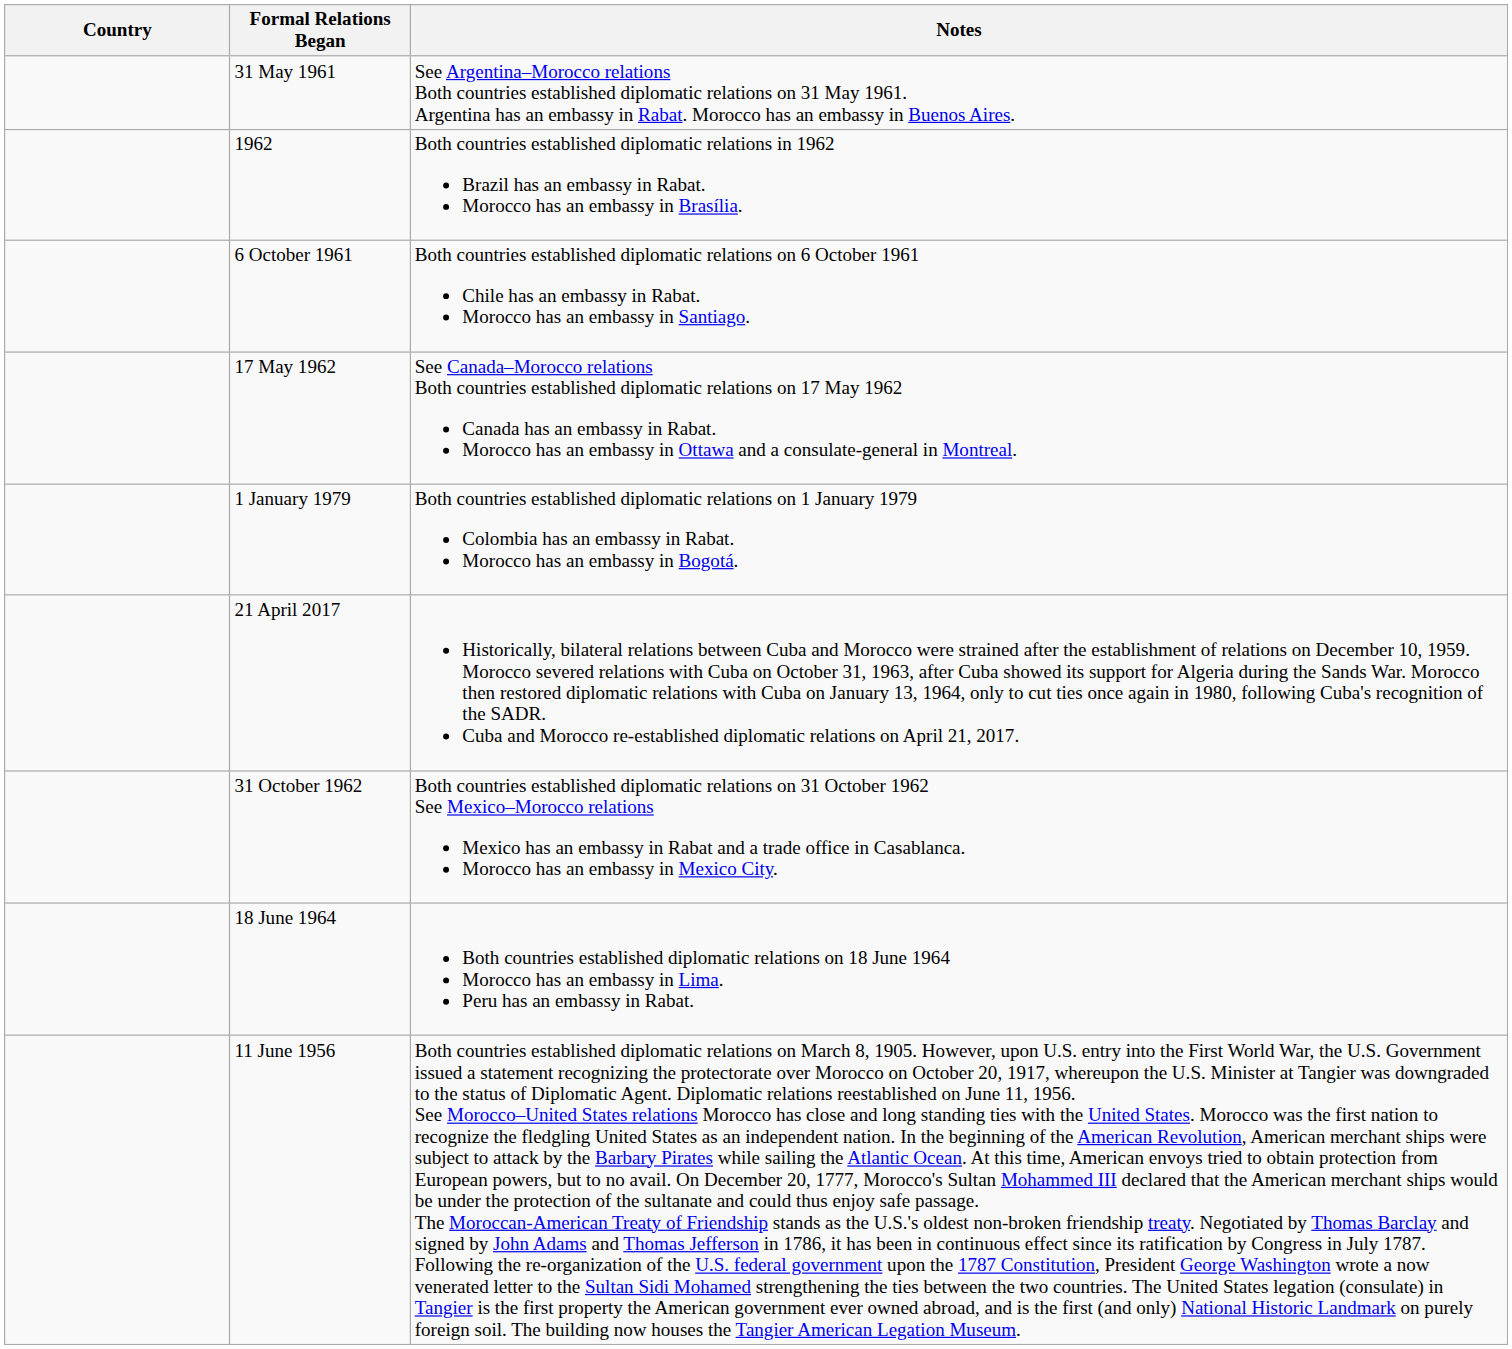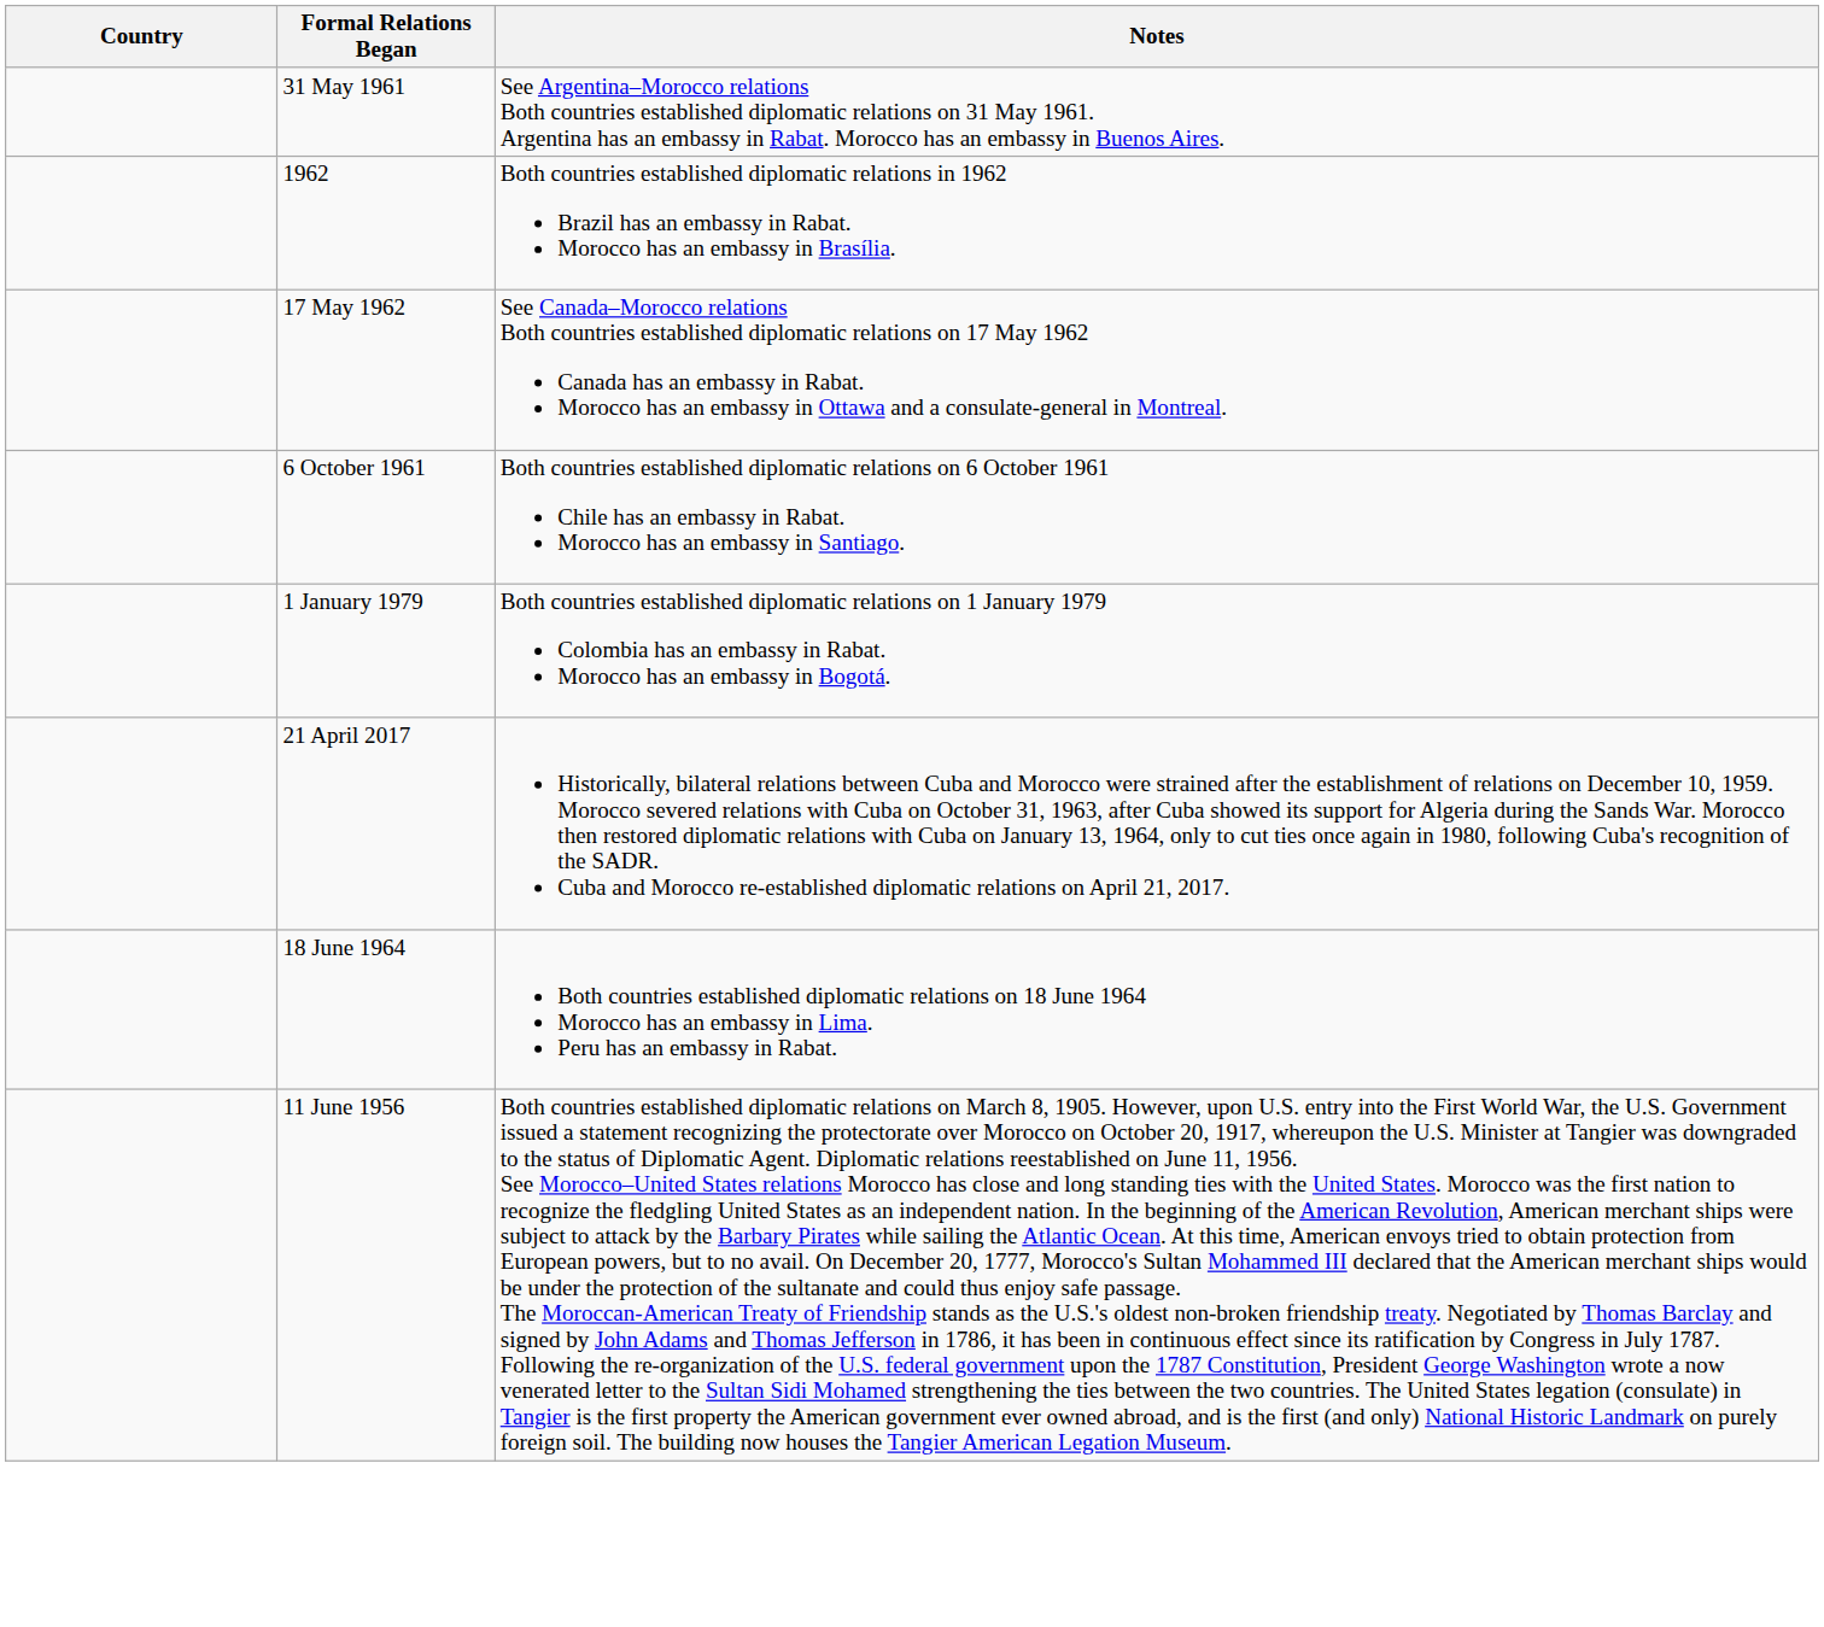 <table class="wikitable sortable" style="width:100%; margin:auto;">
 <tr>
 <th style="width:15%;">Country</th>
 <th style="width:12%;">Formal Relations Began</th>
 <th>Notes</th>
 </tr>
 <tr valign="top">
 <td></td>
 <td>31 May 1961</td>
 <td>See <a href='#'>Argentina–Morocco relations</a><br>Both countries established diplomatic relations on 31 May 1961.<br>Argentina has an embassy in <a href='#'>Rabat</a>. Morocco has an embassy in <a href='#'>Buenos Aires</a>.</td>
 </tr>
 <tr valign="top">
 <td></td>
 <td>1962</td>
 <td>Both countries established diplomatic relations in 1962<br><ul><li>Brazil has an embassy in Rabat.</li><li>Morocco has an embassy in <a href='#'>Brasília</a>.</li></ul></td>
 </tr>
 <tr valign="top">
 <td></td>
-<td>6 October 1961</td>
-<td>Both countries established diplomatic relations on 6 October 1961<br><ul><li>Chile has an embassy in Rabat.</li><li>Morocco has an embassy in <a href='#'>Santiago</a>.</li></ul></td>
+<td>17 May 1962</td>
+<td>See <a href='#'>Canada–Morocco relations</a><br>Both countries established diplomatic relations on 17 May 1962 <ul><li>Canada has an embassy in Rabat.</li><li>Morocco has an embassy in <a href='#'>Ottawa</a> and a consulate-general in <a href='#'>Montreal</a>.</li></ul></td>
 </tr>
 <tr valign="top">
 <td></td>
-<td>17 May 1962</td>
-<td>See <a href='#'>Canada–Morocco relations</a><br>Both countries established diplomatic relations on 17 May 1962 <ul><li>Canada has an embassy in Rabat.</li><li>Morocco has an embassy in <a href='#'>Ottawa</a> and a consulate-general in <a href='#'>Montreal</a>.</li></ul></td>
+<td>6 October 1961</td>
+<td>Both countries established diplomatic relations on 6 October 1961<br><ul><li>Chile has an embassy in Rabat.</li><li>Morocco has an embassy in <a href='#'>Santiago</a>.</li></ul></td>
 </tr>
 <tr valign="top">
 <td></td>
 <td>1 January 1979</td>
 <td>Both countries established diplomatic relations on 1 January 1979<br><ul><li>Colombia has an embassy in Rabat.</li><li>Morocco has an embassy in <a href='#'>Bogotá</a>.</li></ul></td>
 </tr>
 <tr valign="top">
 <td></td>
 <td>21 April 2017</td>
 <td><br><ul><li>Historically, bilateral relations between Cuba and Morocco were strained after the establishment of relations on December 10, 1959. Morocco severed relations with Cuba on October 31, 1963, after Cuba showed its support for Algeria during the Sands War. Morocco then restored diplomatic relations with Cuba on January 13, 1964, only to cut ties once again in 1980, following Cuba's recognition of the SADR.</li><li>Cuba and Morocco re-established diplomatic relations on April 21, 2017.</li></ul></td>
 </tr>
 <tr valign="top">
 <td></td>
-<td>31 October 1962</td>
-<td>Both countries established diplomatic relations on 31 October 1962<br>See <a href='#'>Mexico–Morocco relations</a><ul><li>Mexico has an embassy in Rabat and a trade office in Casablanca.</li><li>Morocco has an embassy in <a href='#'>Mexico City</a>.</li></ul></td>
-</tr>
-<tr valign="top">
-<td></td>
 <td>18 June 1964</td>
 <td><br><ul><li>Both countries established diplomatic relations on 18 June 1964</li><li>Morocco has an embassy in <a href='#'>Lima</a>.</li><li>Peru has an embassy in Rabat.</li></ul></td>
 </tr>
 <tr valign="top">
 <td></td>
 <td>11 June 1956</td>
 <td>Both countries established diplomatic relations on March 8, 1905. However, upon U.S. entry into the First World War, the U.S. Government issued a statement recognizing the protectorate over Morocco on October 20, 1917, whereupon the U.S. Minister at Tangier was downgraded to the status of Diplomatic Agent. Diplomatic relations reestablished on June 11, 1956.<br>See <a href='#'>Morocco–United States relations</a>  Morocco has close and long standing ties with the <a href='#'>United States</a>. Morocco was the first nation to recognize the fledgling United States as an independent nation. In the beginning of the <a href='#'>American Revolution</a>, American merchant ships were subject to attack by the <a href='#'>Barbary Pirates</a> while sailing the <a href='#'>Atlantic Ocean</a>. At this time, American envoys tried to obtain protection from European powers, but to no avail. On December 20, 1777, Morocco's Sultan <a href='#'>Mohammed III</a> declared that the American merchant ships would be under the protection of the sultanate and could thus enjoy safe passage.<br>The <a href='#'>Moroccan-American Treaty of Friendship</a> stands as the U.S.'s oldest non-broken friendship <a href='#'>treaty</a>. Negotiated by <a href='#'>Thomas Barclay</a> and signed by <a href='#'>John Adams</a> and <a href='#'>Thomas Jefferson</a> in 1786, it has been in continuous effect since its ratification by Congress in July 1787. Following the re-organization of the <a href='#'>U.S. federal government</a> upon the <a href='#'>1787 Constitution</a>, President <a href='#'>George Washington</a> wrote a now venerated letter to the <a href='#'>Sultan Sidi Mohamed</a> strengthening the ties between the two countries. The United States legation (consulate) in <a href='#'>Tangier</a> is the first property the American government ever owned abroad, and is the first (and only) <a href='#'>National Historic Landmark</a> on purely foreign soil. The building now houses the <a href='#'>Tangier American Legation Museum</a>.</td>
 </tr>
 </table>
